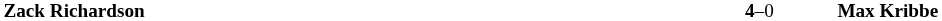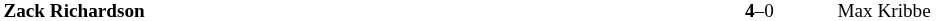 <table width="100%" cellspacing="1">
 <tr>
 <th width=45%></th>
 <th width=10%></th>
 <th width=45%></th>
 </tr>
 <tr>
 <td> <strong>Zack Richardson</strong></td>
 <td align="center"><strong>4</strong>–0</td>
-<td><strong> Max Kribbe</strong></td>
+<td> Max Kribbe</td>
 </tr>
 </table>
